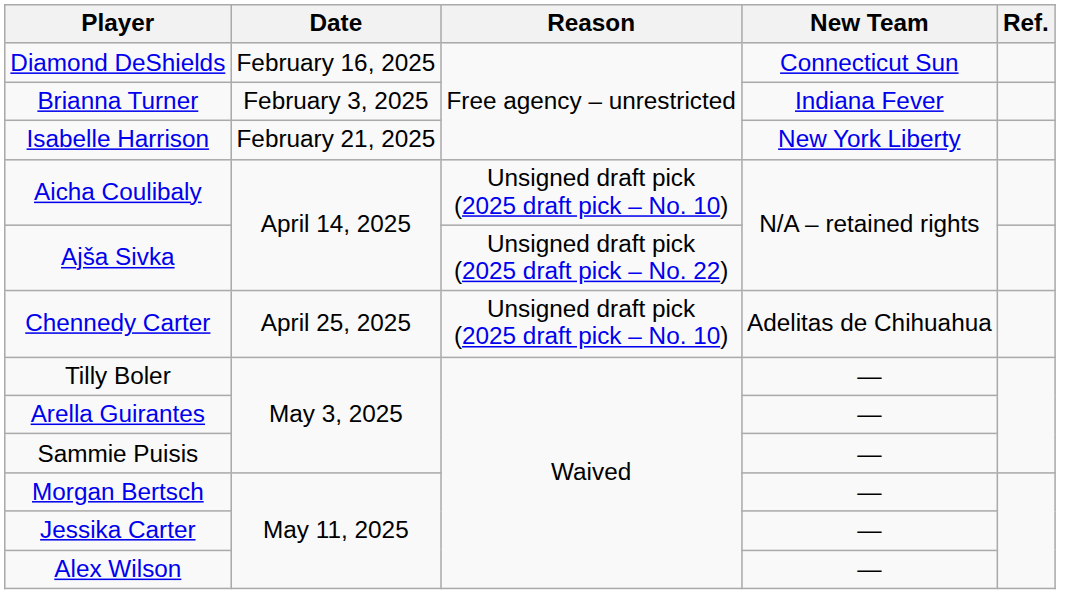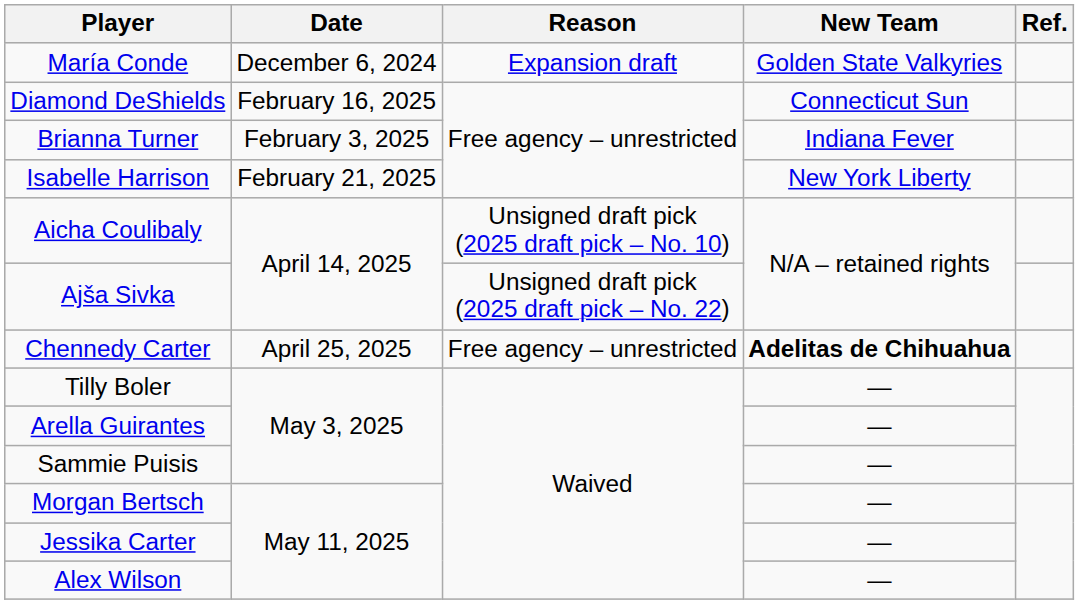 <table class="wikitable sortable sortable" style="text-align: center">
 <tr>
 <th>Player</th>
 <th>Date</th>
 <th>Reason</th>
 <th>New Team</th>
 <th>Ref.</th>
+</tr>
+<tr>
+<td><a href='#'>María Conde</a></td>
+<td>December 6, 2024</td>
+<td><a href='#'>Expansion draft</a></td>
+<td><a href='#'>Golden State Valkyries</a></td>
+<td></td>
 </tr>
 <tr>
 <td><a href='#'>Diamond DeShields</a></td>
 <td>February 16, 2025</td>
 <td rowspan=3>Free agency – unrestricted</td>
 <td><a href='#'>Connecticut Sun</a></td>
 <td></td>
 </tr>
 <tr>
 <td><a href='#'>Brianna Turner</a></td>
 <td>February 3, 2025</td>
 <td><a href='#'>Indiana Fever</a></td>
 <td></td>
 </tr>
 <tr>
 <td><a href='#'>Isabelle Harrison</a></td>
 <td>February 21, 2025</td>
 <td><a href='#'>New York Liberty</a></td>
 <td></td>
 </tr>
 <tr>
 <td><a href='#'>Aicha Coulibaly</a></td>
 <td rowspan=2>April 14, 2025</td>
 <td>Unsigned draft pick<br>(<a href='#'>2025 draft pick – No. 10</a>)</td>
 <td rowspan=2>N/A – retained rights</td>
 <td></td>
 </tr>
 <tr>
 <td><a href='#'>Ajša Sivka</a></td>
 <td>Unsigned draft pick<br>(<a href='#'>2025 draft pick – No. 22</a>)</td>
 <td></td>
 </tr>
 <tr>
 <td><a href='#'>Chennedy Carter</a></td>
 <td>April 25, 2025</td>
-<td>Unsigned draft pick<br>(<a href='#'>2025 draft pick – No. 10</a>)</td>
-<td>Adelitas de Chihuahua</td>
+<td>Free agency – unrestricted</td>
+<td><strong>Adelitas de Chihuahua</strong></td>
 <td></td>
 </tr>
 <tr>
 <td>Tilly Boler</td>
 <td rowspan=3>May 3, 2025</td>
 <td rowspan=6>Waived</td>
 <td>—</td>
 <td rowspan=3></td>
 </tr>
 <tr>
 <td><a href='#'>Arella Guirantes</a></td>
 <td>—</td>
 </tr>
 <tr>
 <td>Sammie Puisis</td>
 <td>—</td>
 </tr>
 <tr>
 <td><a href='#'>Morgan Bertsch</a></td>
 <td rowspan=3>May 11, 2025</td>
 <td>—</td>
 <td rowspan=3></td>
 </tr>
 <tr>
 <td><a href='#'>Jessika Carter</a></td>
 <td>—</td>
 </tr>
 <tr>
 <td><a href='#'>Alex Wilson</a></td>
 <td>—</td>
 </tr>
 </table>
